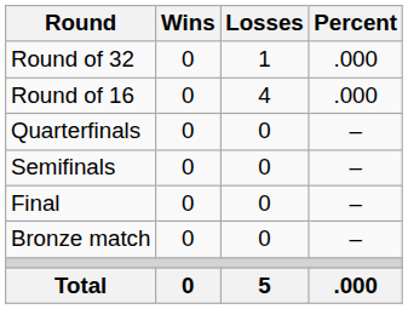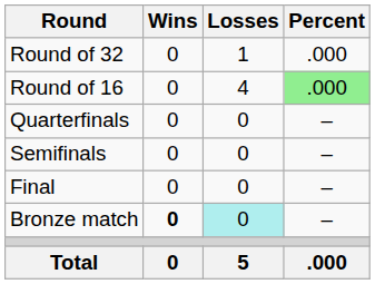 <table class=wikitable>
 <tr>
 <th>Round</th>
 <th>Wins</th>
 <th>Losses</th>
 <th>Percent</th>
 </tr>
 <tr align=center>
 <td align=left>Round of 32</td>
 <td>0</td>
 <td>1</td>
 <td>.000</td>
 </tr>
 <tr align=center>
 <td align=left>Round of 16</td>
 <td>0</td>
 <td>4</td>
-<td>.000</td>
+<td style="background: lightgreen;">.000</td>
 </tr>
 <tr align=center>
 <td align=left>Quarterfinals</td>
 <td>0</td>
 <td>0</td>
 <td>–</td>
 </tr>
 <tr align=center>
 <td align=left>Semifinals</td>
 <td>0</td>
 <td>0</td>
 <td>–</td>
 </tr>
 <tr align=center>
 <td align=left>Final</td>
 <td>0</td>
 <td>0</td>
 <td>–</td>
 </tr>
 <tr align=center>
 <td align=left>Bronze match</td>
-<td>0</td>
-<td>0</td>
+<td><strong>0</strong></td>
+<td style="background: paleturquoise;">0</td>
 <td>–</td>
 </tr>
 <tr>
 <td colspan=4 bgcolor=lightgray></td>
 </tr>
 <tr>
 <th>Total</th>
 <th>0</th>
 <th>5</th>
 <th>.000</th>
 </tr>
 </table>
